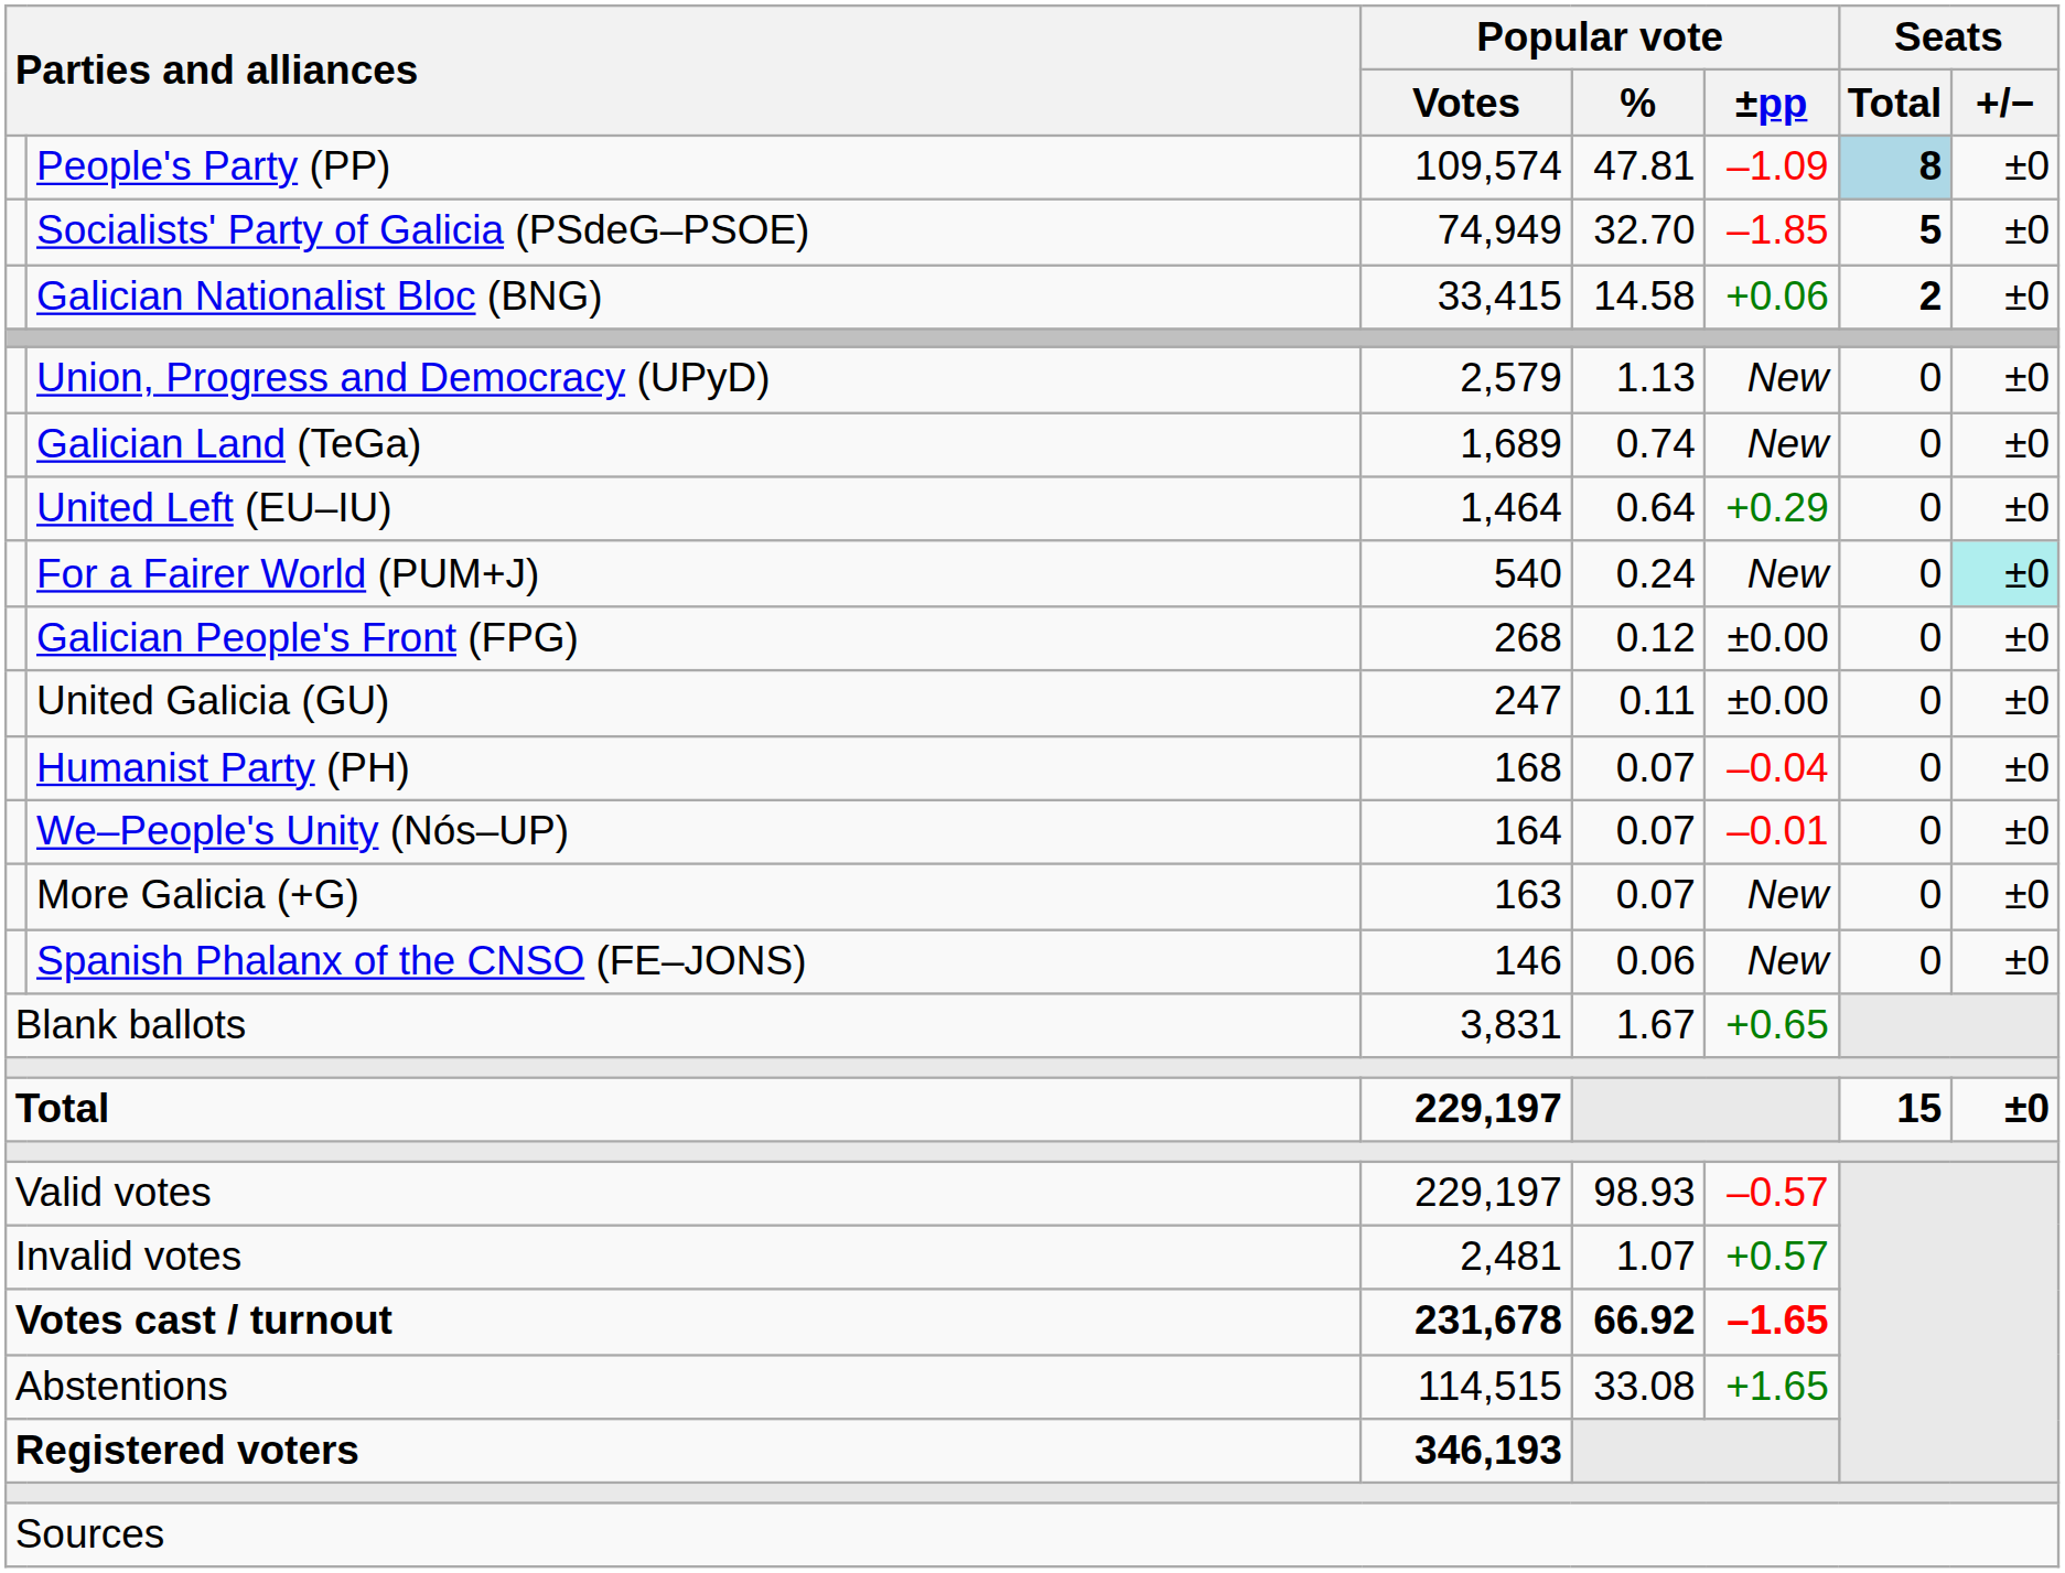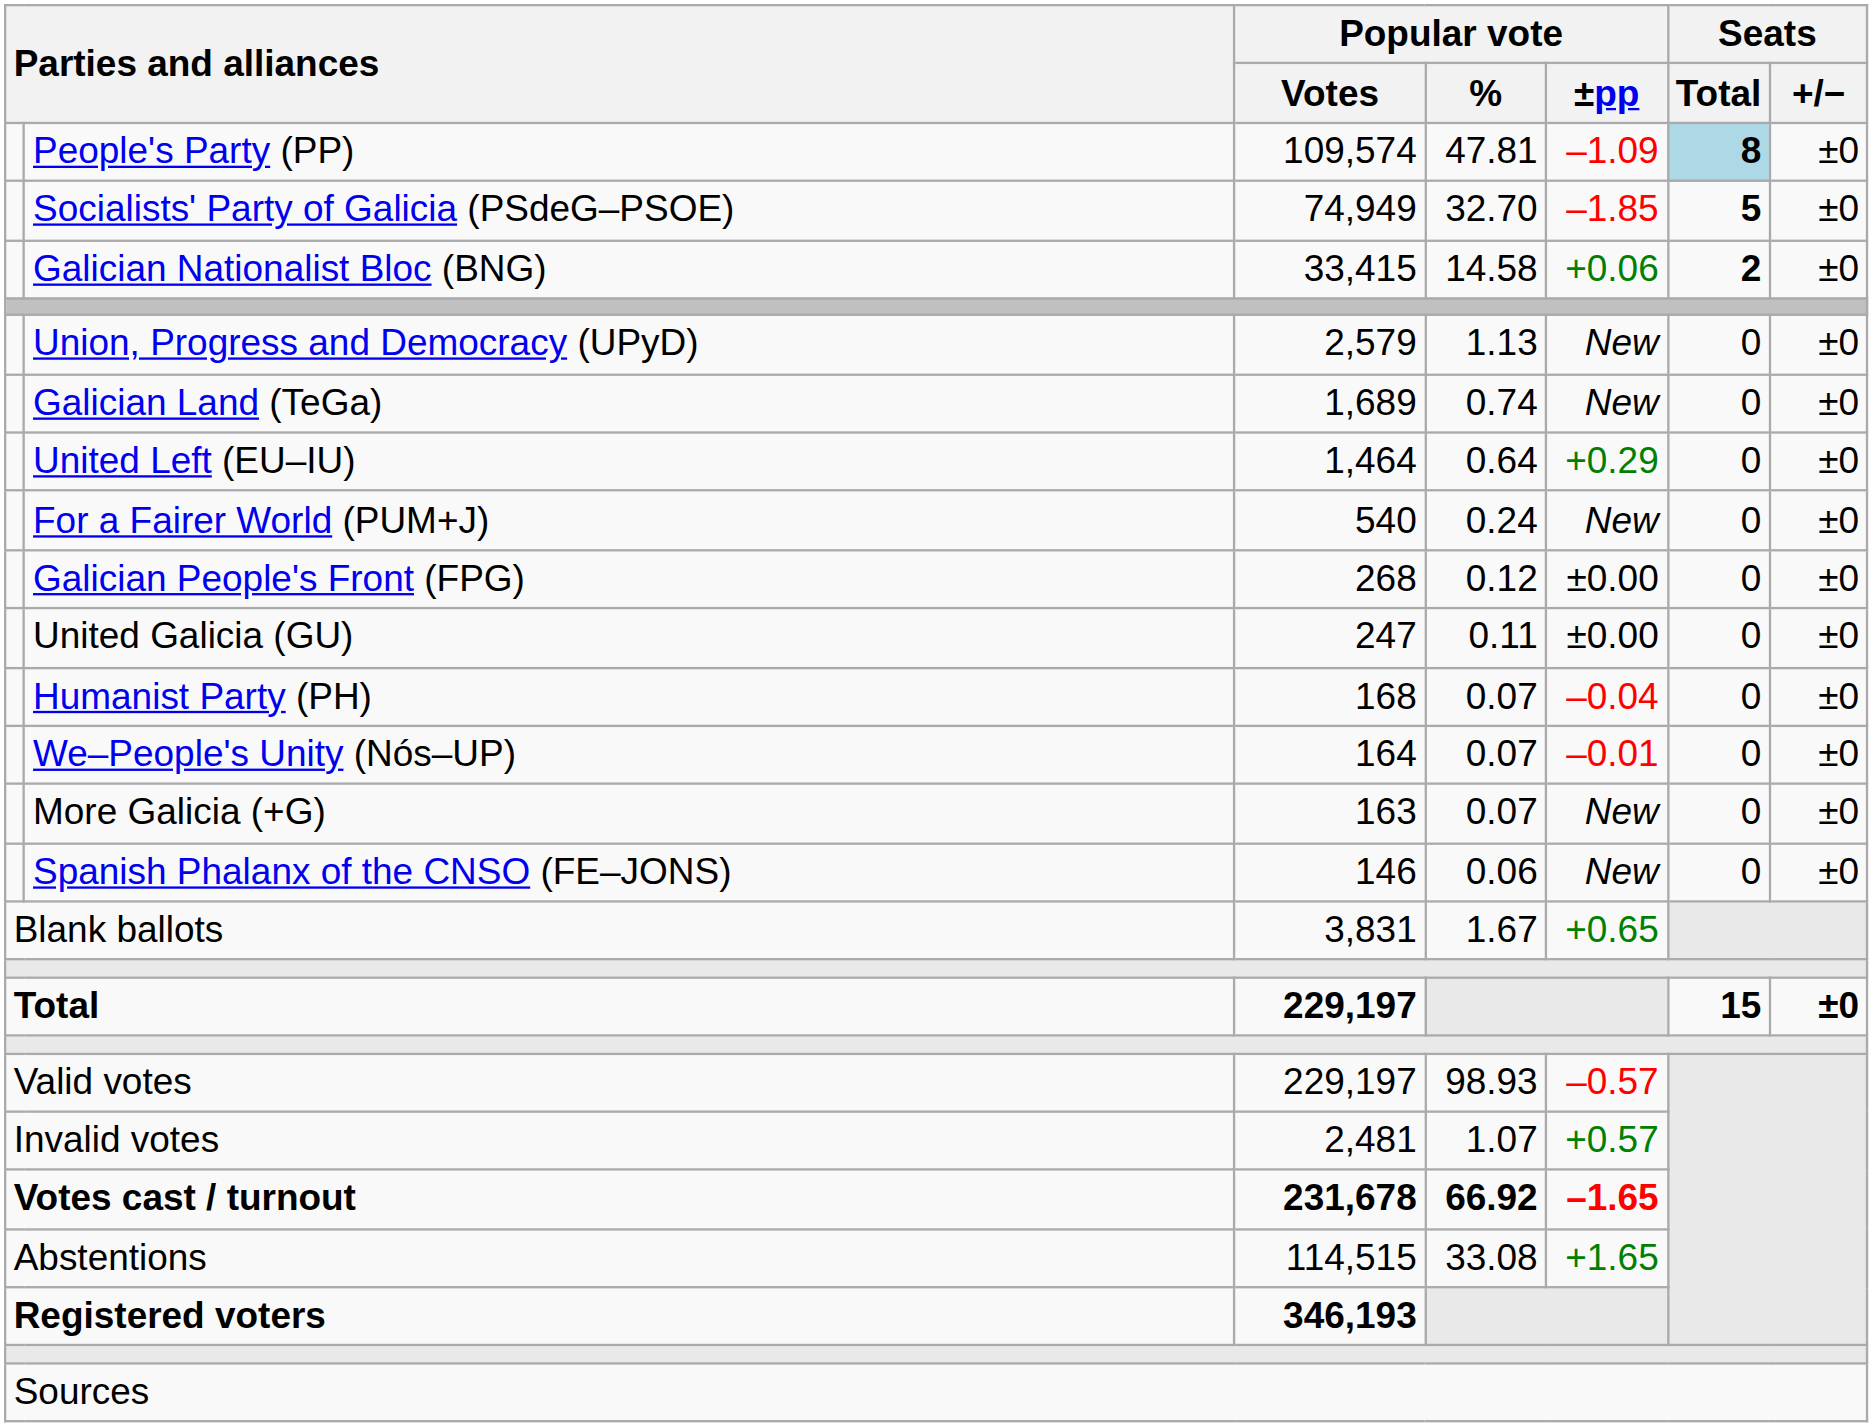 <table class="wikitable" style="text-align:right;">
 <tr>
 <th style="text-align:left;" rowspan="2" colspan="2" width="525">Parties and alliances</th>
 <th colspan="3">Popular vote</th>
 <th colspan="2">Seats</th>
 </tr>
 <tr>
 <th width="75">Votes</th>
 <th width="45">%</th>
 <th width="45">±<a href='#'>pp</a></th>
 <th width="35">Total</th>
 <th width="35">+/−</th>
 </tr>
 <tr>
 <td width="1" style="color:inherit;background:"></td>
 <td align="left"><a href='#'>People's Party</a> (PP)</td>
 <td>109,574</td>
 <td>47.81</td>
 <td style="color:red;">–1.09</td>
 <td style="background: lightblue;"><strong>8</strong></td>
 <td>±0</td>
 </tr>
 <tr>
 <td style="color:inherit;background:"></td>
 <td align="left"><a href='#'>Socialists' Party of Galicia</a> (PSdeG–PSOE)</td>
 <td>74,949</td>
 <td>32.70</td>
 <td style="color:red;">–1.85</td>
 <td><strong>5</strong></td>
 <td>±0</td>
 </tr>
 <tr>
 <td style="color:inherit;background:"></td>
 <td align="left"><a href='#'>Galician Nationalist Bloc</a> (BNG)</td>
 <td>33,415</td>
 <td>14.58</td>
 <td style="color:green;">+0.06</td>
 <td><strong>2</strong></td>
 <td>±0</td>
 </tr>
 <tr>
 <td colspan="7" bgcolor="#C0C0C0"></td>
 </tr>
 <tr>
 <td style="color:inherit;background:"></td>
 <td align="left"><a href='#'>Union, Progress and Democracy</a> (UPyD)</td>
 <td>2,579</td>
 <td>1.13</td>
 <td><em>New</em></td>
 <td>0</td>
 <td>±0</td>
 </tr>
 <tr>
 <td style="color:inherit;background:"></td>
 <td align="left"><a href='#'>Galician Land</a> (TeGa)</td>
 <td>1,689</td>
 <td>0.74</td>
 <td><em>New</em></td>
 <td>0</td>
 <td>±0</td>
 </tr>
 <tr>
 <td style="color:inherit;background:"></td>
 <td align="left"><a href='#'>United Left</a> (EU–IU)</td>
 <td>1,464</td>
 <td>0.64</td>
 <td style="color:green;">+0.29</td>
 <td>0</td>
 <td>±0</td>
 </tr>
 <tr>
 <td style="color:inherit;background:"></td>
 <td align="left"><a href='#'>For a Fairer World</a> (PUM+J)</td>
 <td>540</td>
 <td>0.24</td>
 <td><em>New</em></td>
 <td>0</td>
-<td style="background: paleturquoise;">±0</td>
+<td>±0</td>
 </tr>
 <tr>
 <td style="color:inherit;background:"></td>
 <td align="left"><a href='#'>Galician People's Front</a> (FPG)</td>
 <td>268</td>
 <td>0.12</td>
 <td>±0.00</td>
 <td>0</td>
 <td>±0</td>
 </tr>
 <tr>
 <td style="color:inherit;background:"></td>
 <td align="left">United Galicia (GU)</td>
 <td>247</td>
 <td>0.11</td>
 <td>±0.00</td>
 <td>0</td>
 <td>±0</td>
 </tr>
 <tr>
 <td style="color:inherit;background:"></td>
 <td align="left"><a href='#'>Humanist Party</a> (PH)</td>
 <td>168</td>
 <td>0.07</td>
 <td style="color:red;">–0.04</td>
 <td>0</td>
 <td>±0</td>
 </tr>
 <tr>
 <td style="color:inherit;background:"></td>
 <td align="left"><a href='#'>We–People's Unity</a> (Nós–UP)</td>
 <td>164</td>
 <td>0.07</td>
 <td style="color:red;">–0.01</td>
 <td>0</td>
 <td>±0</td>
 </tr>
 <tr>
 <td style="color:inherit;background:"></td>
 <td align="left">More Galicia (+G)</td>
 <td>163</td>
 <td>0.07</td>
 <td><em>New</em></td>
 <td>0</td>
 <td>±0</td>
 </tr>
 <tr>
 <td style="color:inherit;background:"></td>
 <td align="left"><a href='#'>Spanish Phalanx of the CNSO</a> (FE–JONS)</td>
 <td>146</td>
 <td>0.06</td>
 <td><em>New</em></td>
 <td>0</td>
 <td>±0</td>
 </tr>
 <tr>
 <td align="left" colspan="2">Blank ballots</td>
 <td>3,831</td>
 <td>1.67</td>
 <td style="color:green;">+0.65</td>
 <td bgcolor="#E9E9E9" colspan="2"></td>
 </tr>
 <tr>
 <td colspan="7" bgcolor="#E9E9E9"></td>
 </tr>
 <tr style="font-weight:bold;">
 <td align="left" colspan="2">Total</td>
 <td>229,197</td>
 <td bgcolor="#E9E9E9" colspan="2"></td>
 <td>15</td>
 <td>±0</td>
 </tr>
 <tr>
 <td colspan="7" bgcolor="#E9E9E9"></td>
 </tr>
 <tr>
 <td align="left" colspan="2">Valid votes</td>
 <td>229,197</td>
 <td>98.93</td>
 <td style="color:red;">–0.57</td>
 <td bgcolor="#E9E9E9" colspan="7" rowspan="5"></td>
 </tr>
 <tr>
 <td align="left" colspan="2">Invalid votes</td>
 <td>2,481</td>
 <td>1.07</td>
 <td style="color:green;">+0.57</td>
 </tr>
 <tr style="font-weight:bold;">
 <td align="left" colspan="2">Votes cast / turnout</td>
 <td>231,678</td>
 <td>66.92</td>
 <td style="color:red;">–1.65</td>
 </tr>
 <tr>
 <td align="left" colspan="2">Abstentions</td>
 <td>114,515</td>
 <td>33.08</td>
 <td style="color:green;">+1.65</td>
 </tr>
 <tr style="font-weight:bold;">
 <td align="left" colspan="2">Registered voters</td>
 <td>346,193</td>
 <td bgcolor="#E9E9E9" colspan="2"></td>
 </tr>
 <tr>
 <td colspan="7" bgcolor="#E9E9E9"></td>
 </tr>
 <tr>
 <td align="left" colspan="7">Sources</td>
 </tr>
 </table>
